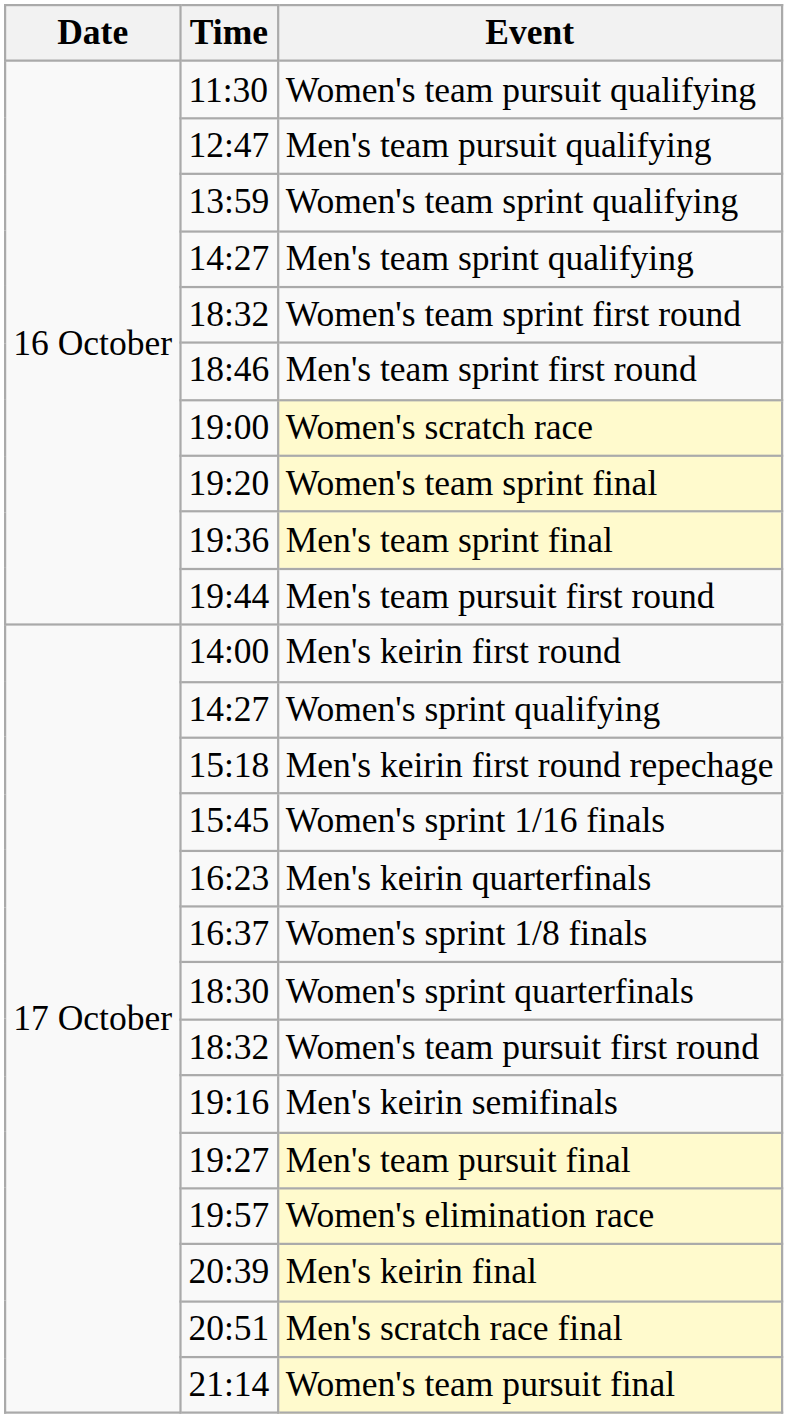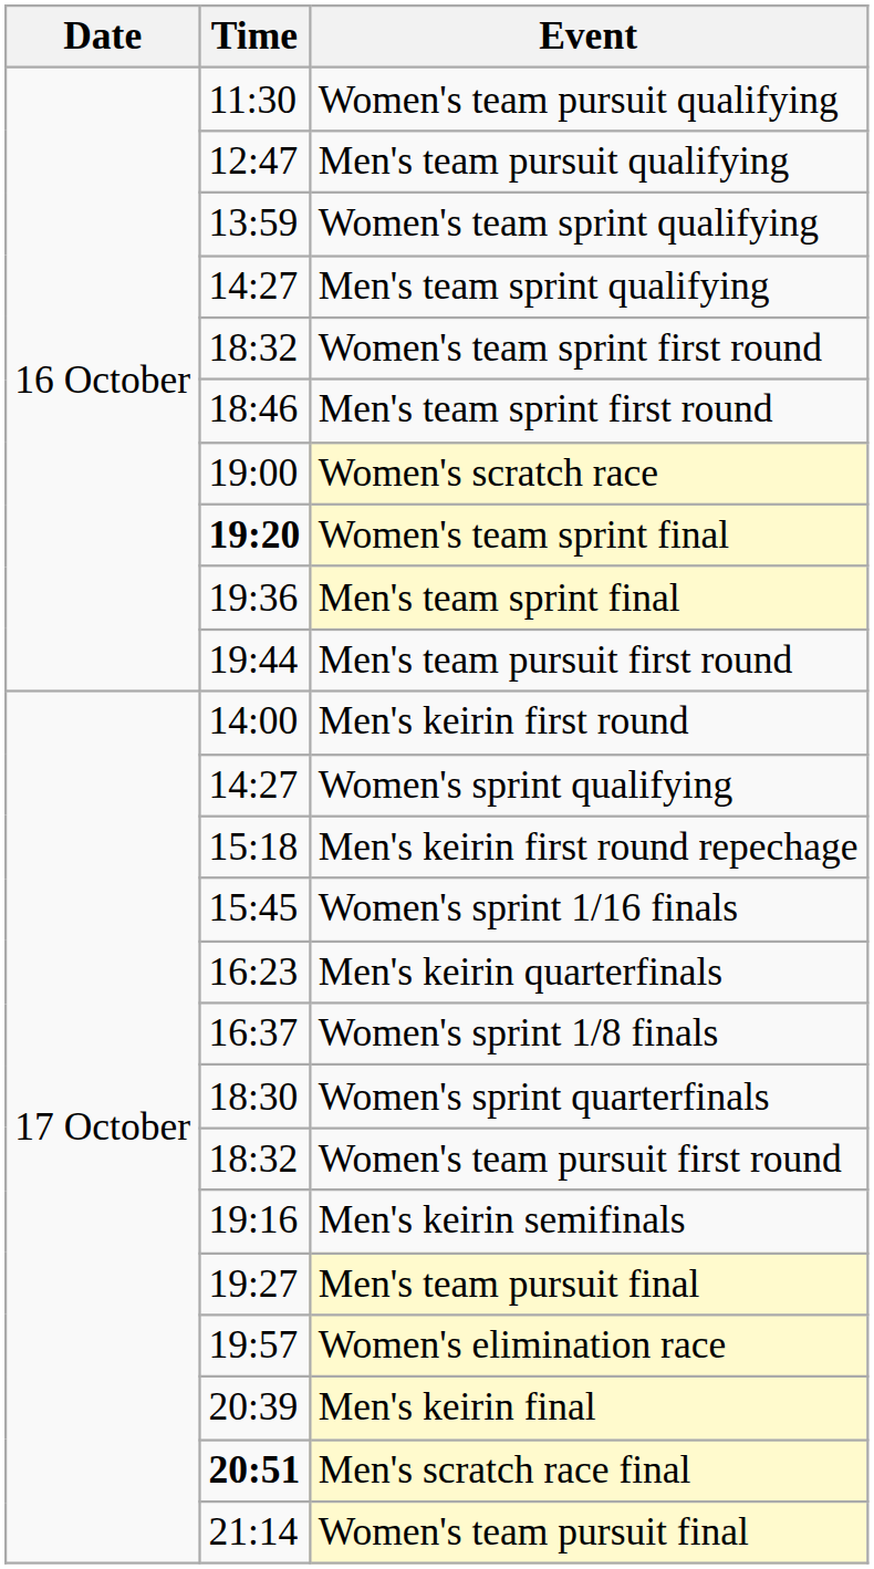 <table class="wikitable">
 <tr>
 <th>Date</th>
 <th>Time</th>
 <th>Event</th>
 </tr>
 <tr>
 <td rowspan=10>16 October</td>
 <td>11:30</td>
 <td>Women's team pursuit qualifying</td>
 </tr>
 <tr>
 <td>12:47</td>
 <td>Men's team pursuit qualifying</td>
 </tr>
 <tr>
 <td>13:59</td>
 <td>Women's team sprint qualifying</td>
 </tr>
 <tr>
 <td>14:27</td>
 <td>Men's team sprint qualifying</td>
 </tr>
 <tr>
 <td>18:32</td>
 <td>Women's team sprint first round</td>
 </tr>
 <tr>
 <td>18:46</td>
 <td>Men's team sprint first round</td>
 </tr>
 <tr>
 <td>19:00</td>
 <td style="background:lemonchiffon">Women's scratch race</td>
 </tr>
 <tr>
-<td>19:20</td>
+<td><strong>19:20</strong></td>
 <td style="background:lemonchiffon">Women's team sprint final</td>
 </tr>
 <tr>
 <td>19:36</td>
 <td style="background:lemonchiffon">Men's team sprint final</td>
 </tr>
 <tr>
 <td>19:44</td>
 <td>Men's team pursuit first round</td>
 </tr>
 <tr>
 <td rowspan=14>17 October</td>
 <td>14:00</td>
 <td>Men's keirin first round</td>
 </tr>
 <tr>
 <td>14:27</td>
 <td>Women's sprint qualifying</td>
 </tr>
 <tr>
 <td>15:18</td>
 <td>Men's keirin first round repechage</td>
 </tr>
 <tr>
 <td>15:45</td>
 <td>Women's sprint 1/16 finals</td>
 </tr>
 <tr>
 <td>16:23</td>
 <td>Men's keirin quarterfinals</td>
 </tr>
 <tr>
 <td>16:37</td>
 <td>Women's sprint 1/8 finals</td>
 </tr>
 <tr>
 <td>18:30</td>
 <td>Women's sprint quarterfinals</td>
 </tr>
 <tr>
 <td>18:32</td>
 <td>Women's team pursuit first round</td>
 </tr>
 <tr>
 <td>19:16</td>
 <td>Men's keirin semifinals</td>
 </tr>
 <tr>
 <td>19:27</td>
 <td style="background:lemonchiffon">Men's team pursuit final</td>
 </tr>
 <tr>
 <td>19:57</td>
 <td style="background:lemonchiffon">Women's elimination race</td>
 </tr>
 <tr>
 <td>20:39</td>
 <td style="background:lemonchiffon">Men's keirin final</td>
 </tr>
 <tr>
-<td>20:51</td>
+<td><strong>20:51</strong></td>
 <td style="background:lemonchiffon">Men's scratch race final</td>
 </tr>
 <tr>
 <td>21:14</td>
 <td style="background:lemonchiffon">Women's team pursuit final</td>
 </tr>
 </table>
